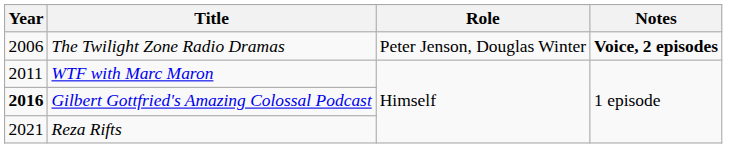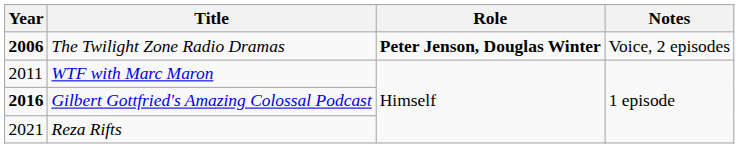 <table class="wikitable">
 <tr>
 <th>Year</th>
 <th>Title</th>
 <th>Role</th>
 <th>Notes</th>
 </tr>
 <tr>
-<td>2006</td>
+<td><strong>2006</strong></td>
 <td><em>The Twilight Zone Radio Dramas</em></td>
-<td>Peter Jenson, Douglas Winter</td>
-<td><strong>Voice, 2 episodes</strong></td>
+<td><strong>Peter Jenson, Douglas Winter</strong></td>
+<td>Voice, 2 episodes</td>
 </tr>
 <tr>
 <td>2011</td>
 <td><em><a href='#'>WTF with Marc Maron</a></em></td>
 <td rowspan="3">Himself</td>
 <td rowspan="3">1 episode</td>
 </tr>
 <tr>
 <td><strong>2016</strong></td>
 <td><em><a href='#'>Gilbert Gottfried's Amazing Colossal Podcast</a></em></td>
 </tr>
 <tr>
 <td>2021</td>
 <td><em>Reza Rifts</em></td>
 </tr>
 </table>
